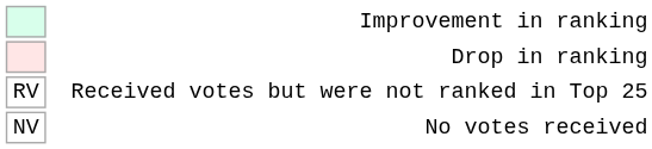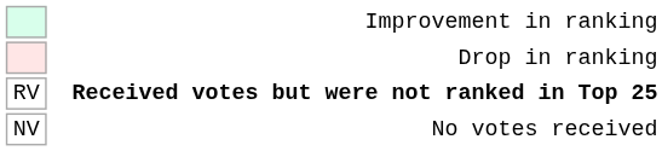 <table style="text-align:right" style="font-size:90%; border:1px solid #aaaaaa; white-space:nowrap; background:#eeeeee;">
 <tr>
 <td style="background:#d8ffeb; width:20px; border:1px solid #aaaaaa;"> </td>
 <td rowspan="5"> </td>
 <td>Improvement in ranking</td>
 </tr>
 <tr>
 <td style="background:#ffe6e6; width:20px; border:1px solid #aaaaaa;"> </td>
 <td>Drop in ranking</td>
 </tr>
 <tr>
 <td style="text-align:center; width:20px; border:1px solid #aaaaaa; background:white;">RV</td>
-<td>Received votes but were not ranked in Top 25</td>
+<td><strong>Received votes but were not ranked in Top 25</strong></td>
 </tr>
 <tr>
 <td style="text-align:center; width:20px; border:1px solid #aaaaaa; background:white;">NV</td>
 <td>No votes received</td>
 </tr>
 </table>
